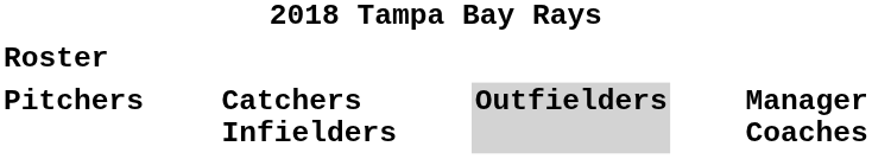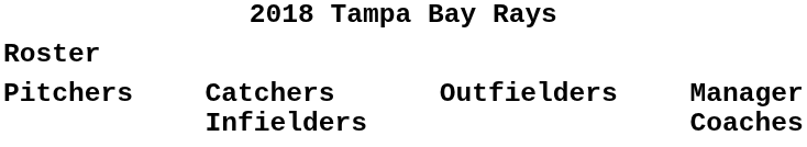 <table class="toccolours" style="font-size: 95%;">
 <tr>
 <th colspan="10">2018 Tampa Bay Rays</th>
 </tr>
 <tr>
 <td colspan="10"><strong>Roster</strong></td>
 </tr>
 <tr>
 <td valign="top"><strong>Pitchers</strong><br>                          </td>
 <td style="width:25px;"></td>
 <td valign="top"><strong>Catchers</strong><br>     <strong>Infielders</strong>             </td>
 <td style="width:25px;"></td>
-<td valign="top" style="background: lightgrey;"><strong>Outfielders</strong><br>        </td>
+<td valign="top"><strong>Outfielders</strong><br>        </td>
 <td style="width:25px;"></td>
 <td valign="top"><strong>Manager</strong><br> <strong>Coaches</strong>                  </td>
 </tr>
 </table>
